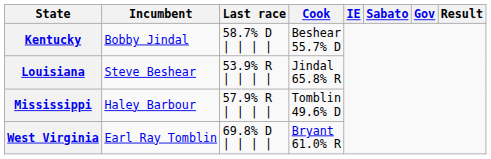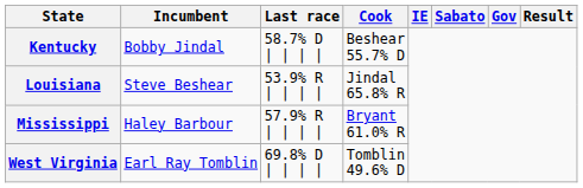 <table class="wikitable sortable">
 <tr>
 <th>State</th>
 <th>Incumbent</th>
 <th>Last race</th>
 <th scope="col"><a href='#'>Cook</a><br></th>
 <th><a href='#'>IE</a><br></th>
 <th><a href='#'>Sabato</a><br></th>
 <th><a href='#'>Gov</a><br></th>
 <th>Result</th>
 </tr>
 <tr>
 <th><a href='#'>Kentucky</a></th>
 <td><a href='#'>Bobby Jindal</a></td>
 <td>58.7% D<br>| | | | </td>
 <td>Beshear<br>55.7% D</td>
 </tr>
 <tr>
 <th><a href='#'>Louisiana</a></th>
 <td><a href='#'>Steve Beshear</a></td>
 <td>53.9% R<br>| | | | </td>
 <td>Jindal<br>65.8% R</td>
 </tr>
 <tr>
 <th><a href='#'>Mississippi</a></th>
 <td><a href='#'>Haley Barbour</a> </td>
 <td>57.9% R<br>| | | | </td>
-<td>Tomblin<br>49.6% D</td>
+<td><a href='#'>Bryant</a><br>61.0% R</td>
 </tr>
 <tr>
 <th><a href='#'>West Virginia</a></th>
 <td><a href='#'>Earl Ray Tomblin</a></td>
 <td>69.8% D<br>| | | | </td>
-<td><a href='#'>Bryant</a><br>61.0% R</td>
+<td>Tomblin<br>49.6% D</td>
 </tr>
 </table>
